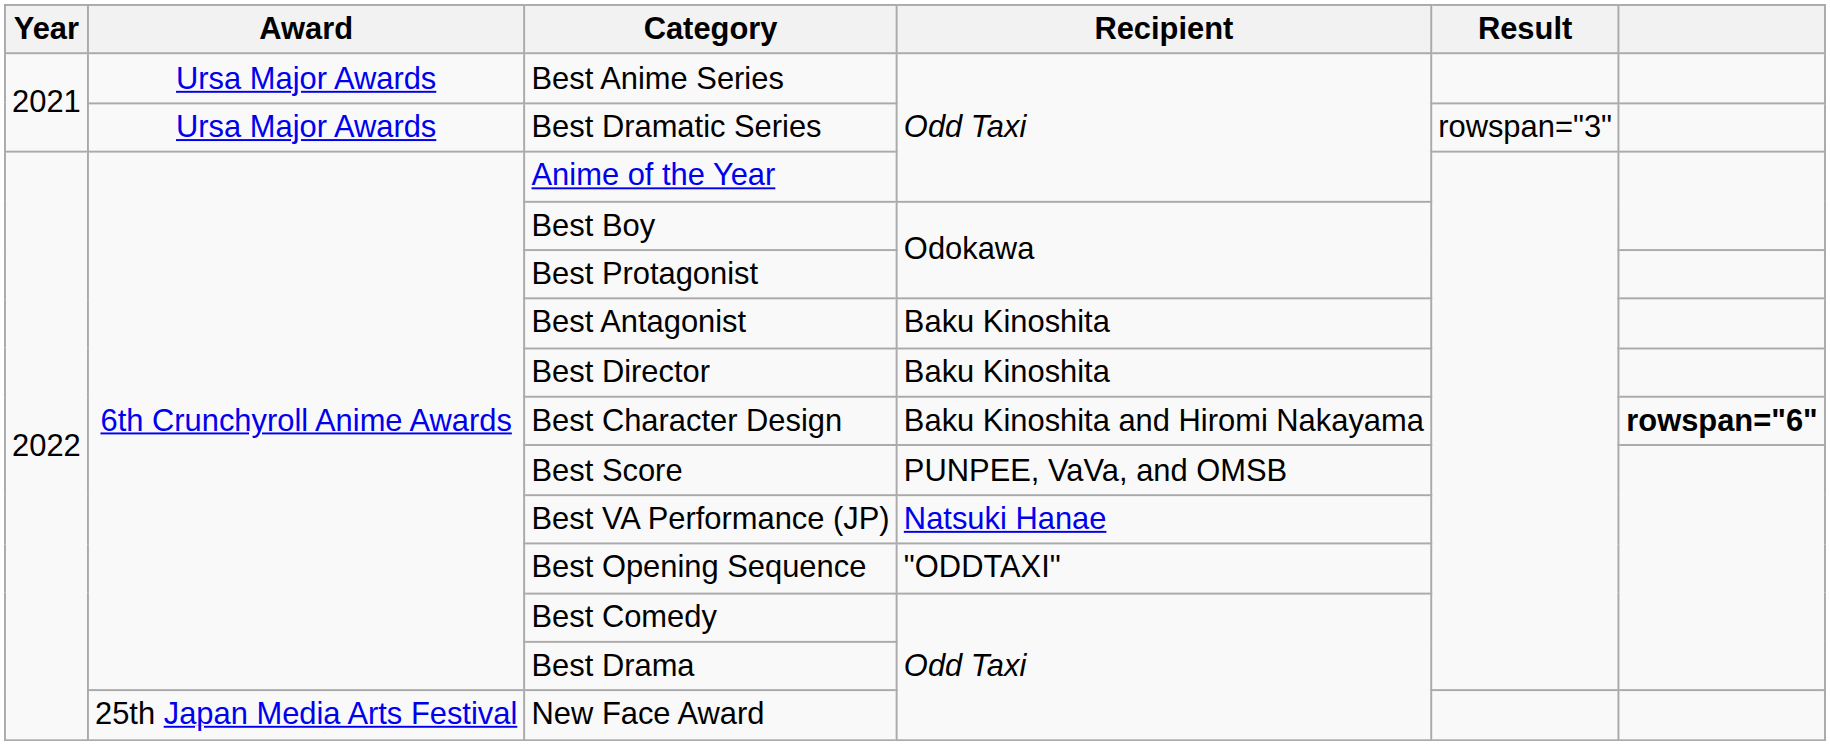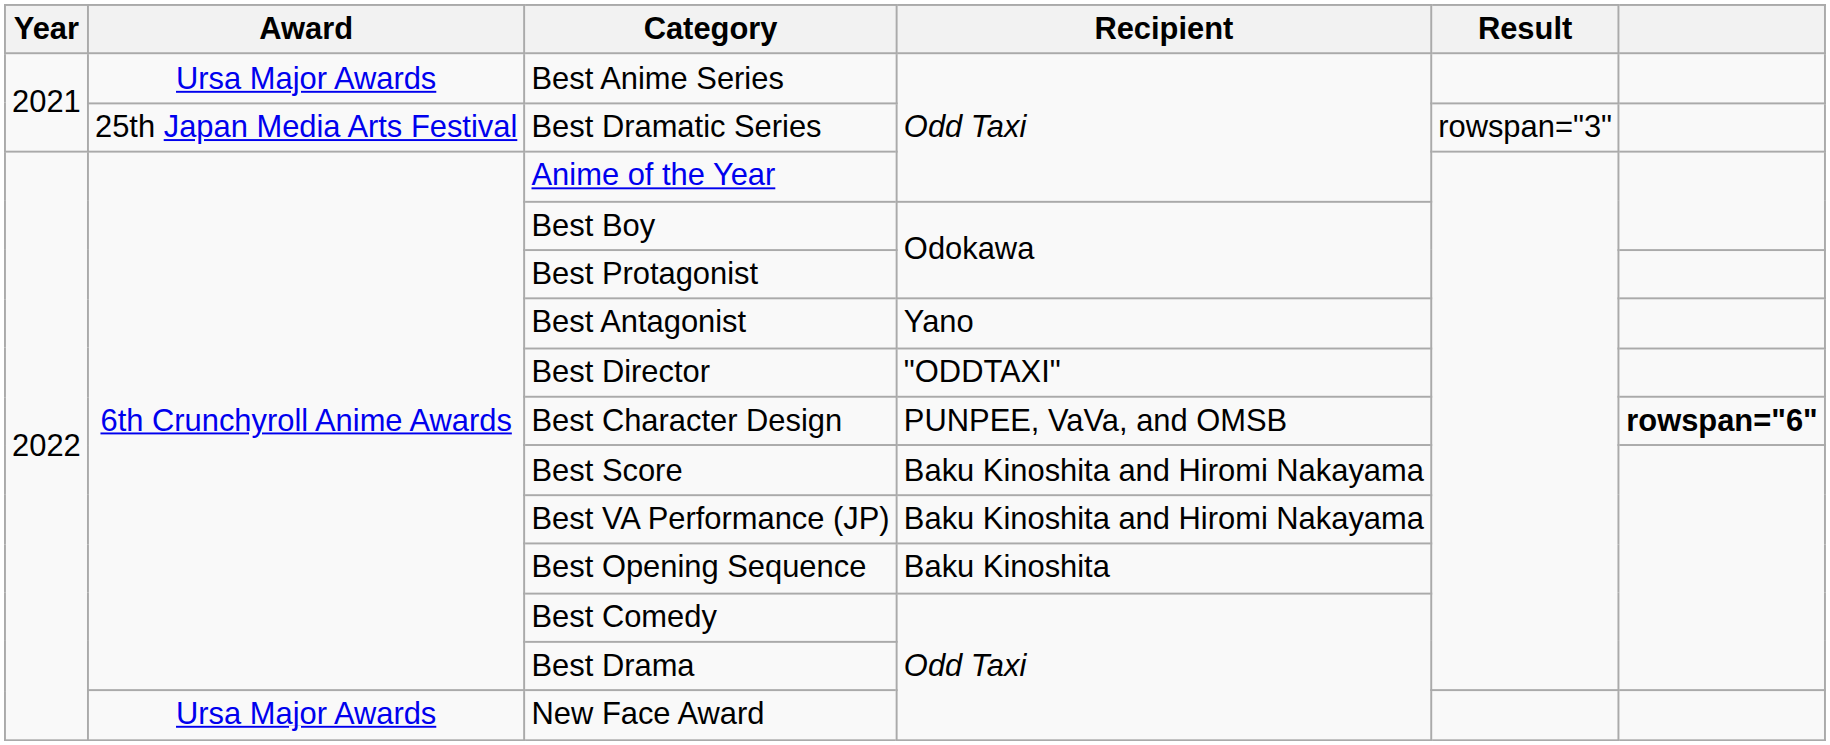 <table class="wikitable plainrowheaders sortable">
 <tr>
 <th scope="col">Year</th>
 <th scope="col">Award</th>
 <th scope="col">Category</th>
 <th scope="col">Recipient</th>
 <th scope="col">Result</th>
 <th scope="col" class="unsortable"></th>
 </tr>
 <tr>
 <td rowspan="2" align="center">2021</td>
 <td align="center"><a href='#'>Ursa Major Awards</a></td>
 <td>Best Anime Series</td>
 <td rowspan="3"><em>Odd Taxi</em></td>
 <td></td>
 <td style="text-align:center;"></td>
 </tr>
 <tr>
-<td align="center"><a href='#'>Ursa Major Awards</a></td>
+<td align="center">25th <a href='#'>Japan Media Arts Festival</a></td>
 <td>Best Dramatic Series</td>
 <td>rowspan="3" </td>
 <td style="text-align:center;"></td>
 </tr>
 <tr>
 <td rowspan="12" align="center">2022</td>
 <td rowspan="11" align="center"><a href='#'>6th Crunchyroll Anime Awards</a></td>
 <td><a href='#'>Anime of the Year</a></td>
 <td rowspan="11" style="text-align:center;"></td>
 </tr>
 <tr>
 <td>Best Boy</td>
 <td rowspan="2">Odokawa</td>
 </tr>
 <tr>
 <td>Best Protagonist</td>
 <td></td>
 </tr>
 <tr>
 <td>Best Antagonist</td>
-<td>Baku Kinoshita</td>
+<td>Yano</td>
 <td></td>
 </tr>
 <tr>
 <td>Best Director</td>
-<td>Baku Kinoshita</td>
+<td>"ODDTAXI" </td>
 <td></td>
 </tr>
 <tr>
 <td>Best Character Design</td>
-<td>Baku Kinoshita and Hiromi Nakayama</td>
+<td>PUNPEE, VaVa, and OMSB</td>
 <td><strong>rowspan="6" </strong></td>
 </tr>
 <tr>
 <td>Best Score</td>
-<td>PUNPEE, VaVa, and OMSB</td>
+<td>Baku Kinoshita and Hiromi Nakayama</td>
 </tr>
 <tr>
 <td>Best VA Performance (JP)</td>
-<td><a href='#'>Natsuki Hanae</a> </td>
+<td>Baku Kinoshita and Hiromi Nakayama</td>
 </tr>
 <tr>
 <td>Best Opening Sequence</td>
-<td>"ODDTAXI" </td>
+<td>Baku Kinoshita</td>
 </tr>
 <tr>
 <td>Best Comedy</td>
 <td rowspan="3"><em>Odd Taxi</em></td>
 </tr>
 <tr>
 <td>Best Drama</td>
 </tr>
 <tr>
-<td align="center">25th <a href='#'>Japan Media Arts Festival</a></td>
+<td align="center"><a href='#'>Ursa Major Awards</a></td>
 <td>New Face Award</td>
 <td></td>
 <td style="text-align:center;"></td>
 </tr>
 </table>
